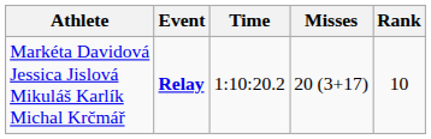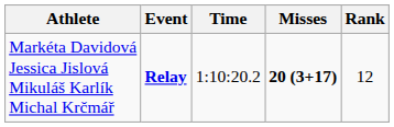 <table class=wikitable style=font-size:90%>
 <tr>
 <th>Athlete</th>
 <th>Event</th>
 <th>Time</th>
 <th>Misses</th>
 <th>Rank</th>
 </tr>
 <tr align=center>
 <td align=left><a href='#'>Markéta Davidová</a><br><a href='#'>Jessica Jislová</a><br><a href='#'>Mikuláš Karlík</a><br><a href='#'>Michal Krčmář</a><br></td>
 <td align=left><strong><a href='#'>Relay</a></strong></td>
 <td>1:10:20.2</td>
-<td>20 (3+17)</td>
-<td>10</td>
+<td><strong>20 (3+17)</strong></td>
+<td>12</td>
 </tr>
 </table>
